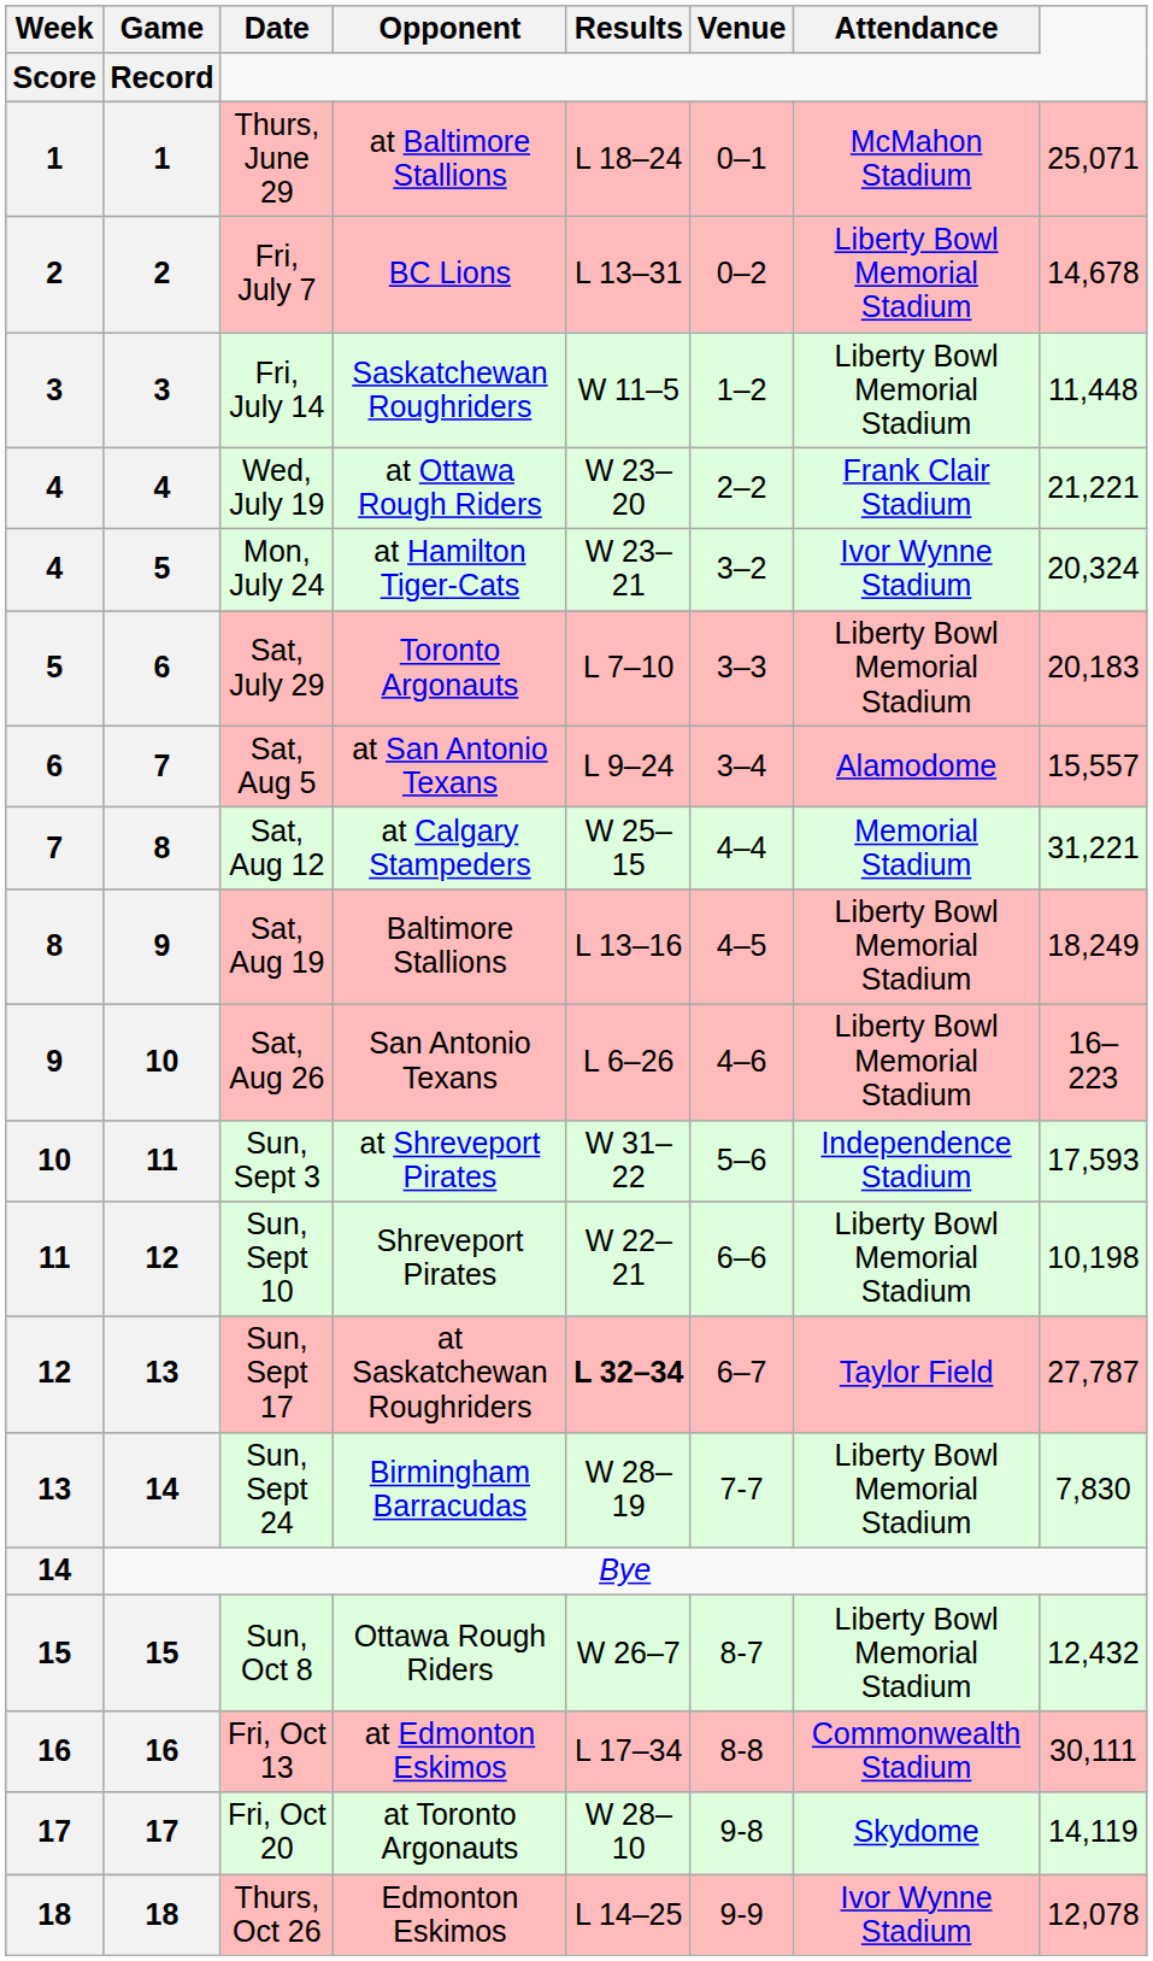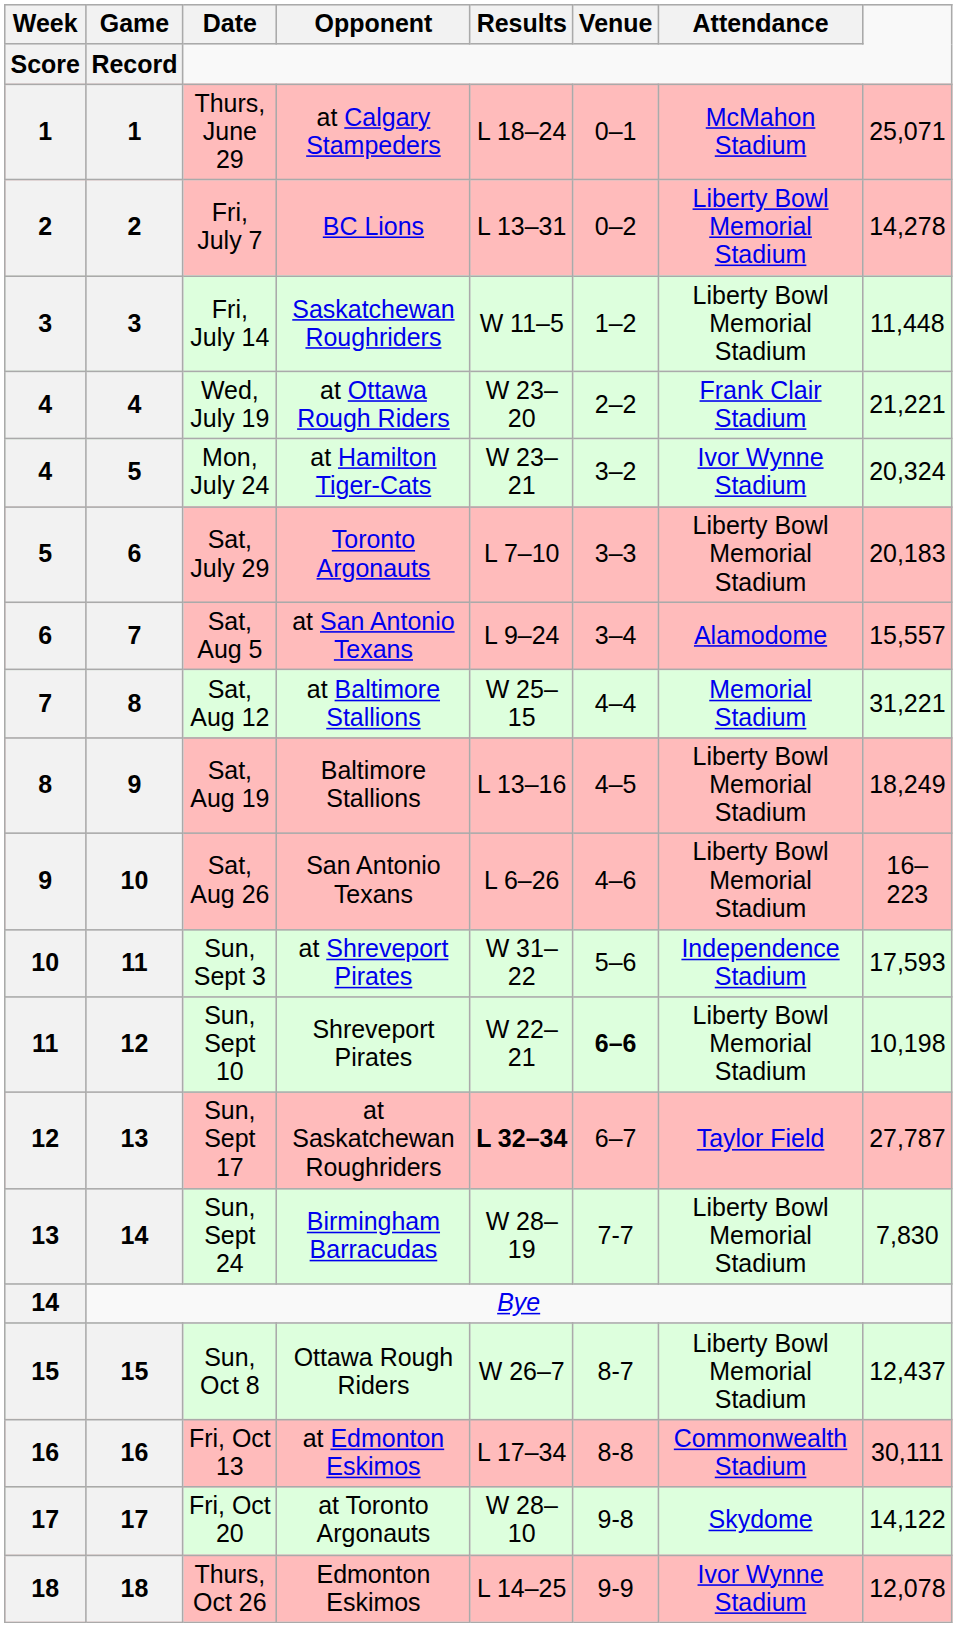 <table class="wikitable" style="text-align:center">
 <tr>
 <th>Week</th>
 <th>Game</th>
 <th>Date</th>
 <th>Opponent</th>
 <th>Results</th>
 <th>Venue</th>
 <th>Attendance</th>
 </tr>
 <tr>
 <th>Score</th>
 <th>Record</th>
 </tr>
 <tr style="background:#ffbbbb">
 <th>1</th>
 <th>1</th>
 <td>Thurs, June 29</td>
-<td>at <a href='#'>Baltimore Stallions</a></td>
+<td>at <a href='#'>Calgary Stampeders</a></td>
 <td>L 18–24</td>
 <td>0–1</td>
 <td><a href='#'>McMahon Stadium</a></td>
 <td>25,071</td>
 </tr>
 <tr style="background:#ffbbbb">
 <th>2</th>
 <th>2</th>
 <td>Fri, July 7</td>
 <td><a href='#'>BC Lions</a></td>
 <td>L 13–31</td>
 <td>0–2</td>
 <td><a href='#'>Liberty Bowl Memorial Stadium</a></td>
-<td>14,678</td>
+<td>14,278</td>
 </tr>
 <tr style="background:#ddffdd">
 <th>3</th>
 <th>3</th>
 <td>Fri, July 14</td>
 <td><a href='#'>Saskatchewan Roughriders</a></td>
 <td>W 11–5</td>
 <td>1–2</td>
 <td>Liberty Bowl Memorial Stadium</td>
 <td>11,448</td>
 </tr>
 <tr style="background:#ddffdd">
 <th>4</th>
 <th>4</th>
 <td>Wed, July 19</td>
 <td>at <a href='#'>Ottawa Rough Riders</a></td>
 <td>W 23–20</td>
 <td>2–2</td>
 <td><a href='#'>Frank Clair Stadium</a></td>
 <td>21,221</td>
 </tr>
 <tr style="background:#ddffdd">
 <th>4</th>
 <th>5</th>
 <td>Mon, July 24</td>
 <td>at <a href='#'>Hamilton Tiger-Cats</a></td>
 <td>W 23–21</td>
 <td>3–2</td>
 <td><a href='#'>Ivor Wynne Stadium</a></td>
 <td>20,324</td>
 </tr>
 <tr style="background:#ffbbbb">
 <th>5</th>
 <th>6</th>
 <td>Sat, July 29</td>
 <td><a href='#'>Toronto Argonauts</a></td>
 <td>L 7–10 </td>
 <td>3–3</td>
 <td>Liberty Bowl Memorial Stadium</td>
 <td>20,183</td>
 </tr>
 <tr style="background:#ffbbbb">
 <th>6</th>
 <th>7</th>
 <td>Sat, Aug 5</td>
 <td>at <a href='#'>San Antonio Texans</a></td>
 <td>L 9–24</td>
 <td>3–4</td>
 <td><a href='#'>Alamodome</a></td>
 <td>15,557</td>
 </tr>
 <tr style="background:#ddffdd">
 <th>7</th>
 <th>8</th>
 <td>Sat, Aug 12</td>
-<td>at <a href='#'>Calgary Stampeders</a></td>
+<td>at <a href='#'>Baltimore Stallions</a></td>
 <td>W 25–15</td>
 <td>4–4</td>
 <td><a href='#'>Memorial Stadium</a></td>
 <td>31,221</td>
 </tr>
 <tr style="background:#ffbbbb">
 <th>8</th>
 <th>9</th>
 <td>Sat, Aug 19</td>
 <td>Baltimore Stallions</td>
 <td>L 13–16</td>
 <td>4–5</td>
 <td>Liberty Bowl Memorial Stadium</td>
 <td>18,249</td>
 </tr>
 <tr style="background:#ffbbbb">
 <th>9</th>
 <th>10</th>
 <td>Sat, Aug 26</td>
 <td>San Antonio Texans</td>
 <td>L 6–26</td>
 <td>4–6</td>
 <td>Liberty Bowl Memorial Stadium</td>
 <td>16–223</td>
 </tr>
 <tr style="background:#ddffdd">
 <th>10</th>
 <th>11</th>
 <td>Sun, Sept 3</td>
 <td>at <a href='#'>Shreveport Pirates</a></td>
 <td>W 31–22</td>
 <td>5–6</td>
 <td><a href='#'>Independence Stadium</a></td>
 <td>17,593</td>
 </tr>
 <tr style="background:#ddffdd">
 <th>11</th>
 <th>12</th>
 <td>Sun, Sept 10</td>
 <td>Shreveport Pirates</td>
 <td>W 22–21</td>
-<td>6–6</td>
+<td><strong>6–6</strong></td>
 <td>Liberty Bowl Memorial Stadium</td>
 <td>10,198</td>
 </tr>
 <tr style="background:#ffbbbb">
 <th>12</th>
 <th>13</th>
 <td>Sun, Sept 17</td>
 <td>at Saskatchewan Roughriders</td>
 <td><strong>L 32–34</strong></td>
 <td>6–7</td>
 <td><a href='#'>Taylor Field</a></td>
 <td>27,787</td>
 </tr>
 <tr style="background:#ddffdd">
 <th>13</th>
 <th>14</th>
 <td>Sun, Sept 24</td>
 <td><a href='#'>Birmingham Barracudas</a></td>
 <td>W 28–19</td>
 <td>7-7</td>
 <td>Liberty Bowl Memorial Stadium</td>
 <td>7,830</td>
 </tr>
 <tr>
 <th>14</th>
 <td colspan=7><em><a href='#'>Bye</a></em></td>
 </tr>
 <tr style="background:#ddffdd">
 <th>15</th>
 <th>15</th>
 <td>Sun, Oct 8</td>
 <td>Ottawa Rough Riders</td>
 <td>W 26–7</td>
 <td>8-7</td>
 <td>Liberty Bowl Memorial Stadium</td>
-<td>12,432</td>
+<td>12,437</td>
 </tr>
 <tr style="background:#ffbbbb">
 <th>16</th>
 <th>16</th>
 <td>Fri, Oct 13</td>
 <td>at <a href='#'>Edmonton Eskimos</a></td>
 <td>L 17–34</td>
 <td>8-8</td>
 <td><a href='#'>Commonwealth Stadium</a></td>
 <td>30,111</td>
 </tr>
 <tr style="background:#ddffdd">
 <th>17</th>
 <th>17</th>
 <td>Fri, Oct 20</td>
 <td>at Toronto Argonauts</td>
 <td>W 28–10</td>
 <td>9-8</td>
 <td><a href='#'>Skydome</a></td>
-<td>14,119</td>
+<td>14,122</td>
 </tr>
 <tr style="background:#ffbbbb">
 <th>18</th>
 <th>18</th>
 <td>Thurs, Oct 26</td>
 <td>Edmonton Eskimos</td>
 <td>L 14–25</td>
 <td>9-9</td>
 <td><a href='#'>Ivor Wynne Stadium</a></td>
 <td>12,078</td>
 </tr>
 </table>
